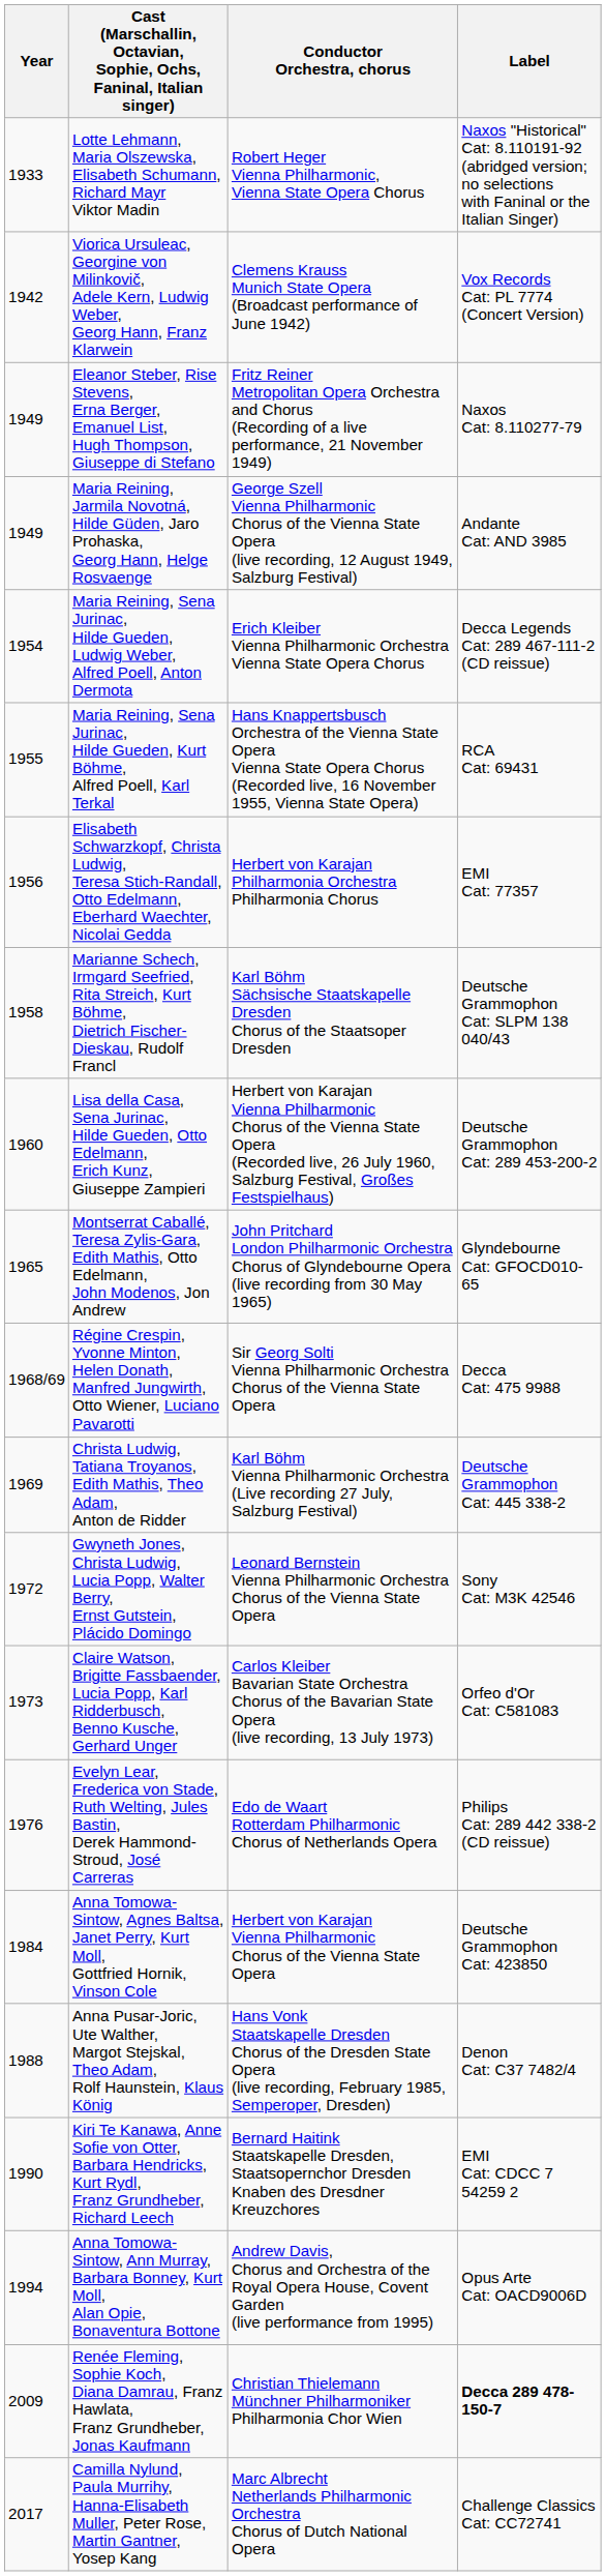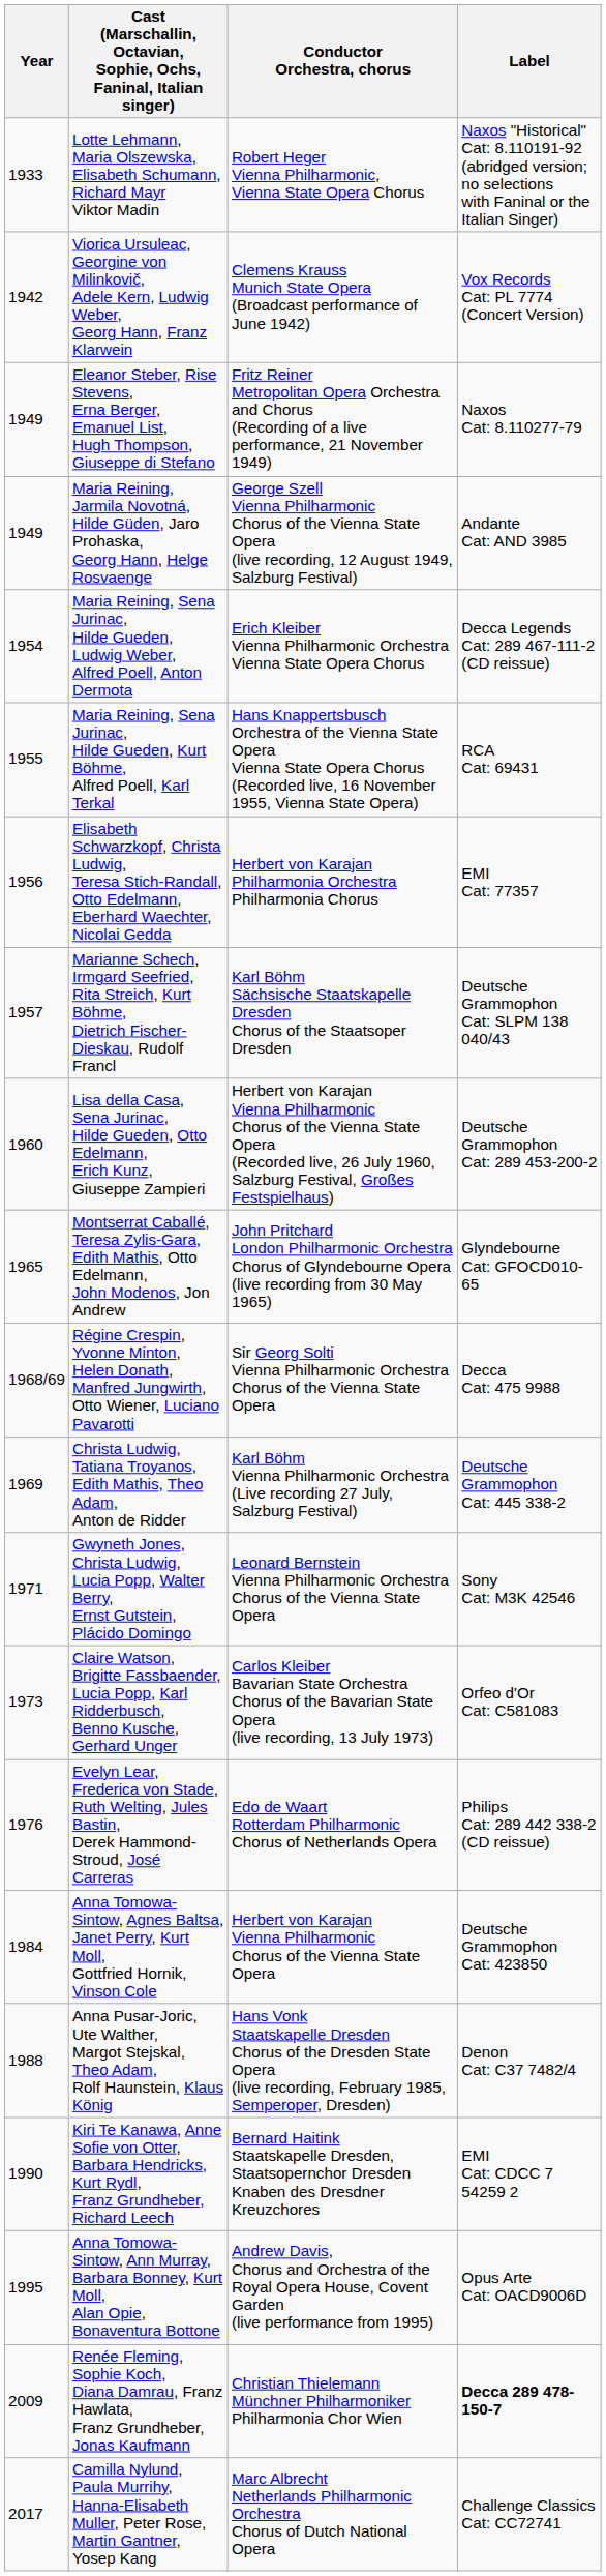 <table class="wikitable">
 <tr>
 <th>Year</th>
 <th>Cast<br>(Marschallin, Octavian,<br>Sophie, Ochs,<br>Faninal, Italian singer)</th>
 <th>Conductor<br>Orchestra, chorus</th>
 <th>Label</th>
 </tr>
 <tr>
 <td>1933</td>
 <td><a href='#'>Lotte Lehmann</a>, <a href='#'>Maria Olszewska</a>,<br><a href='#'>Elisabeth Schumann</a>, <a href='#'>Richard Mayr</a><br>Viktor Madin<br></td>
 <td><a href='#'>Robert Heger</a><br><a href='#'>Vienna Philharmonic</a>, <br><a href='#'>Vienna State Opera</a> Chorus</td>
 <td><a href='#'>Naxos</a> "Historical"<br>Cat: 8.110191-92<br>(abridged version; no selections<br>with Faninal or the Italian Singer)</td>
 </tr>
 <tr>
 <td>1942</td>
 <td><a href='#'>Viorica Ursuleac</a>, <a href='#'>Georgine von Milinkovič</a>,<br><a href='#'>Adele Kern</a>, <a href='#'>Ludwig Weber</a>,<br><a href='#'>Georg Hann</a>, <a href='#'>Franz Klarwein</a></td>
 <td><a href='#'>Clemens Krauss</a><br><a href='#'>Munich State Opera</a><br>(Broadcast performance of June 1942)</td>
 <td><a href='#'>Vox Records</a><br>Cat: PL 7774<br>(Concert Version)</td>
 </tr>
 <tr>
 <td>1949</td>
 <td><a href='#'>Eleanor Steber</a>, <a href='#'>Rise Stevens</a>,<br><a href='#'>Erna Berger</a>, <a href='#'>Emanuel List</a>,<br><a href='#'>Hugh Thompson</a>, <a href='#'>Giuseppe di Stefano</a><br></td>
 <td><a href='#'>Fritz Reiner</a><br><a href='#'>Metropolitan Opera</a> Orchestra and Chorus<br>(Recording of a live performance, 21 November 1949)</td>
 <td>Naxos<br>Cat: 8.110277-79</td>
 </tr>
 <tr>
 <td>1949</td>
 <td><a href='#'>Maria Reining</a>, <a href='#'>Jarmila Novotná</a>,<br><a href='#'>Hilde Güden</a>, Jaro Prohaska,<br><a href='#'>Georg Hann</a>, <a href='#'>Helge Rosvaenge</a></td>
 <td><a href='#'>George Szell</a><br><a href='#'>Vienna Philharmonic</a><br>Chorus of the Vienna State Opera<br>(live recording, 12 August 1949, Salzburg Festival)</td>
 <td>Andante <br>Cat: AND 3985</td>
 </tr>
 <tr>
 <td>1954</td>
 <td><a href='#'>Maria Reining</a>, <a href='#'>Sena Jurinac</a>,<br><a href='#'>Hilde Gueden</a>, <a href='#'>Ludwig Weber</a>,<br><a href='#'>Alfred Poell</a>, <a href='#'>Anton Dermota</a></td>
 <td><a href='#'>Erich Kleiber</a><br>Vienna Philharmonic Orchestra<br>Vienna State Opera Chorus</td>
 <td>Decca Legends<br>Cat: 289 467-111-2 (CD reissue)</td>
 </tr>
 <tr>
 <td>1955</td>
 <td><a href='#'>Maria Reining</a>, <a href='#'>Sena Jurinac</a>,<br><a href='#'>Hilde Gueden</a>, <a href='#'>Kurt Böhme</a>,<br>Alfred Poell, <a href='#'>Karl Terkal</a></td>
 <td><a href='#'>Hans Knappertsbusch</a><br> Orchestra of the Vienna State Opera<br>Vienna State Opera Chorus<br>(Recorded live, 16 November 1955, Vienna State Opera)</td>
 <td>RCA<br>Cat: 69431</td>
 </tr>
 <tr>
 <td>1956</td>
 <td><a href='#'>Elisabeth Schwarzkopf</a>, <a href='#'>Christa Ludwig</a>,<br><a href='#'>Teresa Stich-Randall</a>, <a href='#'>Otto Edelmann</a>,<br><a href='#'>Eberhard Waechter</a>, <a href='#'>Nicolai Gedda</a></td>
 <td><a href='#'>Herbert von Karajan</a><br><a href='#'>Philharmonia Orchestra</a><br>Philharmonia Chorus</td>
 <td>EMI<br>Cat: 77357</td>
 </tr>
 <tr>
-<td>1958</td>
+<td>1957</td>
 <td><a href='#'>Marianne Schech</a>, <a href='#'>Irmgard Seefried</a>,<br><a href='#'>Rita Streich</a>, <a href='#'>Kurt Böhme</a>,<br><a href='#'>Dietrich Fischer-Dieskau</a>, Rudolf Francl</td>
 <td><a href='#'>Karl Böhm</a> <br><a href='#'>Sächsische Staatskapelle Dresden</a><br>Chorus of the Staatsoper Dresden</td>
 <td>Deutsche Grammophon<br>Cat: SLPM 138 040/43</td>
 </tr>
 <tr>
 <td>1960</td>
 <td><a href='#'>Lisa della Casa</a>, <a href='#'>Sena Jurinac</a>,<br><a href='#'>Hilde Gueden</a>, <a href='#'>Otto Edelmann</a>,<br><a href='#'>Erich Kunz</a>, Giuseppe Zampieri</td>
 <td>Herbert von Karajan<br><a href='#'>Vienna Philharmonic</a><br>Chorus of the Vienna State Opera<br>(Recorded live, 26 July 1960, Salzburg Festival, <a href='#'>Großes Festspielhaus</a>)</td>
 <td>Deutsche Grammophon<br>Cat: 289 453-200-2</td>
 </tr>
 <tr>
 <td>1965</td>
 <td><a href='#'>Montserrat Caballé</a>, <a href='#'>Teresa Zylis-Gara</a>,<br><a href='#'>Edith Mathis</a>, Otto Edelmann,<br><a href='#'>John Modenos</a>, Jon Andrew</td>
 <td><a href='#'>John Pritchard</a><br><a href='#'>London Philharmonic Orchestra</a><br>Chorus of Glyndebourne Opera<br>(live recording from 30 May 1965)</td>
 <td>Glyndebourne <br>Cat: GFOCD010-65</td>
 </tr>
 <tr>
 <td>1968/69</td>
 <td><a href='#'>Régine Crespin</a>, <a href='#'>Yvonne Minton</a>,<br><a href='#'>Helen Donath</a>, <a href='#'>Manfred Jungwirth</a>,<br>Otto Wiener, <a href='#'>Luciano Pavarotti</a></td>
 <td>Sir <a href='#'>Georg Solti</a><br>Vienna Philharmonic Orchestra<br>Chorus of the Vienna State Opera</td>
 <td>Decca<br>Cat: 475 9988</td>
 </tr>
 <tr>
 <td>1969</td>
 <td><a href='#'>Christa Ludwig</a>, <a href='#'>Tatiana Troyanos</a>,<br><a href='#'>Edith Mathis</a>, <a href='#'>Theo Adam</a>,<br>Anton de Ridder</td>
 <td><a href='#'>Karl Böhm</a><br>Vienna Philharmonic Orchestra<br>(Live recording 27 July, Salzburg Festival)</td>
 <td><a href='#'>Deutsche Grammophon</a><br>Cat: 445 338-2</td>
 </tr>
 <tr>
-<td>1972</td>
+<td>1971</td>
 <td><a href='#'>Gwyneth Jones</a>, <a href='#'>Christa Ludwig</a>,<br><a href='#'>Lucia Popp</a>, <a href='#'>Walter Berry</a>,<br><a href='#'>Ernst Gutstein</a>, <a href='#'>Plácido Domingo</a></td>
 <td><a href='#'>Leonard Bernstein</a><br>Vienna Philharmonic Orchestra<br>Chorus of the Vienna State Opera</td>
 <td>Sony<br>Cat: M3K 42546</td>
 </tr>
 <tr>
 <td>1973</td>
 <td><a href='#'>Claire Watson</a>, <a href='#'>Brigitte Fassbaender</a>,<br><a href='#'>Lucia Popp</a>, <a href='#'>Karl Ridderbusch</a>,<br><a href='#'>Benno Kusche</a>, <a href='#'>Gerhard Unger</a></td>
 <td><a href='#'>Carlos Kleiber</a><br>Bavarian State Orchestra<br>Chorus of the Bavarian State Opera<br>(live recording, 13 July 1973)</td>
 <td>Orfeo d'Or<br>Cat: C581083</td>
 </tr>
 <tr>
 <td>1976</td>
 <td><a href='#'>Evelyn Lear</a>, <a href='#'>Frederica von Stade</a>,<br><a href='#'>Ruth Welting</a>, <a href='#'>Jules Bastin</a>,<br>Derek Hammond-Stroud, <a href='#'>José Carreras</a></td>
 <td><a href='#'>Edo de Waart</a><br><a href='#'>Rotterdam Philharmonic</a><br>Chorus of Netherlands Opera</td>
 <td>Philips<br>Cat: 289 442 338-2 (CD reissue)</td>
 </tr>
 <tr>
 <td>1984</td>
 <td><a href='#'>Anna Tomowa-Sintow</a>, <a href='#'>Agnes Baltsa</a>,<br><a href='#'>Janet Perry</a>, <a href='#'>Kurt Moll</a>,<br>Gottfried Hornik, <a href='#'>Vinson Cole</a></td>
 <td><a href='#'>Herbert von Karajan</a><br><a href='#'>Vienna Philharmonic</a><br>Chorus of the Vienna State Opera</td>
 <td>Deutsche Grammophon<br>Cat: 423850</td>
 </tr>
 <tr>
 <td>1988</td>
 <td>Anna Pusar-Joric, Ute Walther,<br>Margot Stejskal, <a href='#'>Theo Adam</a>,<br>Rolf Haunstein, <a href='#'>Klaus König</a></td>
 <td><a href='#'>Hans Vonk</a><br><a href='#'>Staatskapelle Dresden</a><br>Chorus of the Dresden State Opera<br>(live recording, February 1985, <a href='#'>Semperoper</a>, Dresden)</td>
 <td>Denon<br>Cat: C37 7482/4</td>
 </tr>
 <tr>
 <td>1990</td>
 <td><a href='#'>Kiri Te Kanawa</a>, <a href='#'>Anne Sofie von Otter</a>,<br><a href='#'>Barbara Hendricks</a>, <a href='#'>Kurt Rydl</a>,<br><a href='#'>Franz Grundheber</a>, <a href='#'>Richard Leech</a></td>
 <td><a href='#'>Bernard Haitink</a><br>Staatskapelle Dresden, Staatsopernchor Dresden<br>Knaben des Dresdner Kreuzchores</td>
 <td>EMI<br>Cat: CDCC 7 54259 2</td>
 </tr>
 <tr>
-<td>1994</td>
+<td>1995</td>
 <td><a href='#'>Anna Tomowa-Sintow</a>, <a href='#'>Ann Murray</a>,<br><a href='#'>Barbara Bonney</a>, <a href='#'>Kurt Moll</a>,<br><a href='#'>Alan Opie</a>, <a href='#'>Bonaventura Bottone</a></td>
 <td><a href='#'>Andrew Davis</a>,<br>Chorus and Orchestra of the Royal Opera House, Covent Garden<br>(live performance from 1995)</td>
 <td>Opus Arte<br>Cat: OACD9006D</td>
 </tr>
 <tr>
 <td>2009</td>
 <td><a href='#'>Renée Fleming</a>, <a href='#'>Sophie Koch</a>,<br><a href='#'>Diana Damrau</a>, Franz Hawlata,<br>Franz Grundheber, <a href='#'>Jonas Kaufmann</a></td>
 <td><a href='#'>Christian Thielemann</a><br><a href='#'>Münchner Philharmoniker</a><br>Philharmonia Chor Wien</td>
 <td><strong>Decca 289 478-150-7</strong></td>
 </tr>
 <tr>
 <td>2017</td>
 <td><a href='#'>Camilla Nylund</a>, <a href='#'>Paula Murrihy</a>,<br><a href='#'>Hanna-Elisabeth Muller</a>, Peter Rose,<br><a href='#'>Martin Gantner</a>, Yosep Kang</td>
 <td><a href='#'>Marc Albrecht</a><br><a href='#'>Netherlands Philharmonic Orchestra</a><br>Chorus of Dutch National Opera</td>
 <td>Challenge Classics<br>Cat: CC72741</td>
 </tr>
 </table>
